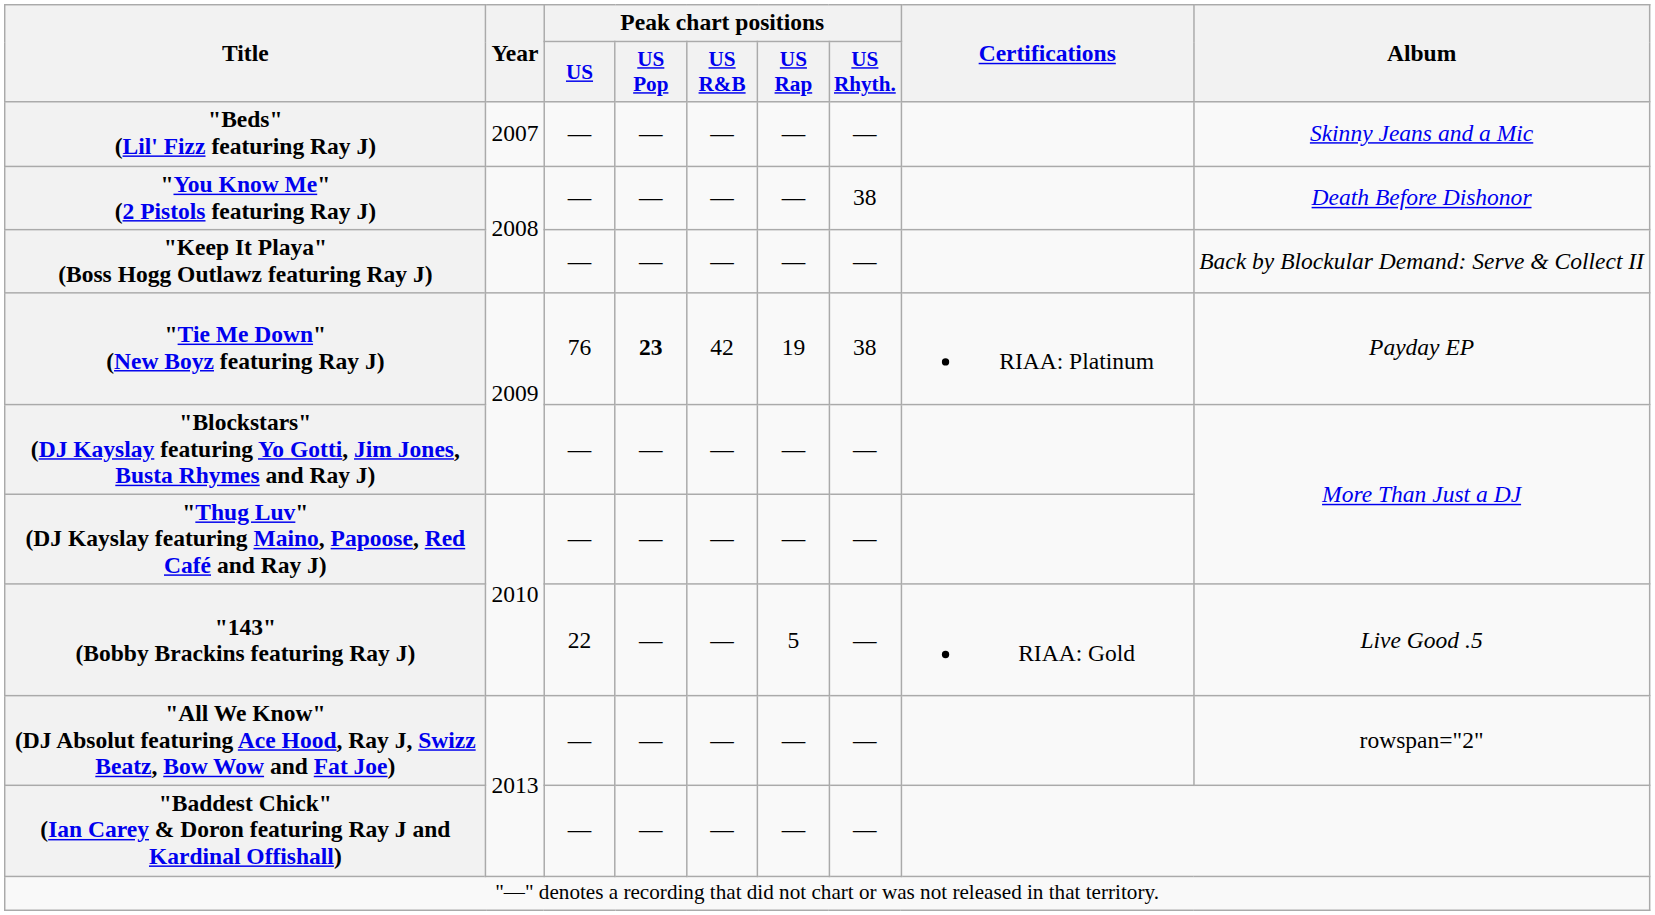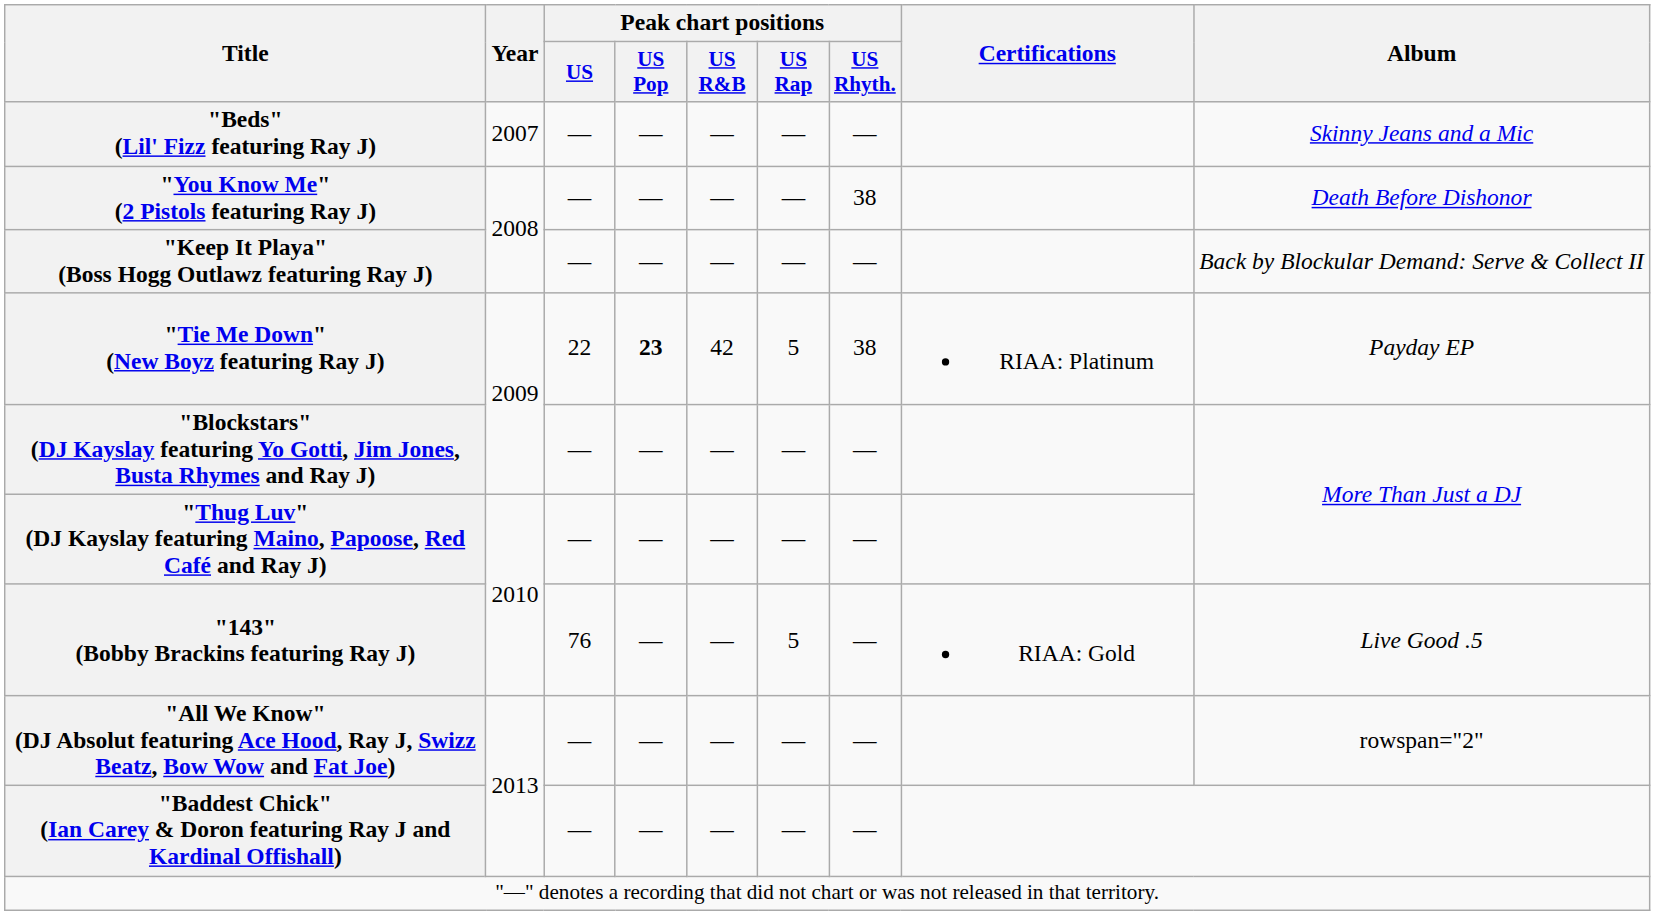 <table class="wikitable plainrowheaders" style="text-align:center;">
 <tr>
 <th scope="col" rowspan="2" style="width:20em;">Title</th>
 <th scope="col" rowspan="2">Year</th>
 <th scope="col" colspan="5">Peak chart positions</th>
 <th scope="col" rowspan="2" style="width:12em;"><a href='#'>Certifications</a></th>
 <th scope="col" rowspan="2">Album</th>
 </tr>
 <tr>
 <th scope="col" style="width:2.9em;font-size:90%;"><a href='#'>US</a><br></th>
 <th scope="col" style="width:2.9em;font-size:90%;"><a href='#'>US<br>Pop</a><br></th>
 <th scope="col" style="width:2.9em;font-size:90%;"><a href='#'>US<br>R&B</a><br></th>
 <th scope="col" style="width:2.9em;font-size:90%;"><a href='#'>US<br>Rap</a><br></th>
 <th scope="col" style="width:2.9em;font-size:90%;"><a href='#'>US<br>Rhyth.</a><br></th>
 </tr>
 <tr>
 <th scope="row">"Beds"<br><span>(<a href='#'>Lil' Fizz</a> featuring Ray J)</span></th>
 <td>2007</td>
 <td>—</td>
 <td>—</td>
 <td>—</td>
 <td>—</td>
 <td>—</td>
 <td></td>
 <td><em><a href='#'>Skinny Jeans and a Mic</a></em></td>
 </tr>
 <tr>
 <th scope="row">"<a href='#'>You Know Me</a>"<br><span>(<a href='#'>2 Pistols</a> featuring Ray J)</span></th>
 <td rowspan="2">2008</td>
 <td>—</td>
 <td>—</td>
 <td>—</td>
 <td>—</td>
 <td>38</td>
 <td></td>
 <td><em><a href='#'>Death Before Dishonor</a></em></td>
 </tr>
 <tr>
 <th scope="row">"Keep It Playa"<br><span>(Boss Hogg Outlawz featuring Ray J)</span></th>
 <td>—</td>
 <td>—</td>
 <td>—</td>
 <td>—</td>
 <td>—</td>
 <td></td>
 <td><em>Back by Blockular Demand: Serve & Collect II</em></td>
 </tr>
 <tr>
 <th scope="row">"<a href='#'>Tie Me Down</a>"<br><span>(<a href='#'>New Boyz</a> featuring Ray J)</span></th>
 <td rowspan="2">2009</td>
-<td>76</td>
+<td>22</td>
 <td><strong>23</strong></td>
 <td>42</td>
-<td>19</td>
+<td>5</td>
 <td>38</td>
 <td><br><ul><li>RIAA: Platinum</li></ul></td>
 <td><em>Payday EP</em></td>
 </tr>
 <tr>
 <th scope="row">"Blockstars"<br><span>(<a href='#'>DJ Kayslay</a> featuring <a href='#'>Yo Gotti</a>, <a href='#'>Jim Jones</a>, <a href='#'>Busta Rhymes</a> and Ray J)</span></th>
 <td>—</td>
 <td>—</td>
 <td>—</td>
 <td>—</td>
 <td>—</td>
 <td></td>
 <td rowspan="2"><em><a href='#'>More Than Just a DJ</a></em></td>
 </tr>
 <tr>
 <th scope="row">"<a href='#'>Thug Luv</a>"<br><span>(DJ Kayslay featuring <a href='#'>Maino</a>, <a href='#'>Papoose</a>, <a href='#'>Red Café</a> and Ray J)</span></th>
 <td rowspan="2">2010</td>
 <td>—</td>
 <td>—</td>
 <td>—</td>
 <td>—</td>
 <td>—</td>
 <td></td>
 </tr>
 <tr>
 <th scope="row">"143"<br><span>(Bobby Brackins featuring Ray J)</span></th>
-<td>22</td>
+<td>76</td>
 <td>—</td>
 <td>—</td>
 <td>5</td>
 <td>—</td>
 <td><br><ul><li>RIAA: Gold</li></ul></td>
 <td><em>Live Good .5</em></td>
 </tr>
 <tr>
 <th scope="row">"All We Know"<br><span>(DJ Absolut featuring <a href='#'>Ace Hood</a>, Ray J, <a href='#'>Swizz Beatz</a>, <a href='#'>Bow Wow</a> and <a href='#'>Fat Joe</a>)</span></th>
 <td rowspan="2">2013</td>
 <td>—</td>
 <td>—</td>
 <td>—</td>
 <td>—</td>
 <td>—</td>
 <td></td>
 <td>rowspan="2" </td>
 </tr>
 <tr>
 <th scope="row">"Baddest Chick"<br><span>(<a href='#'>Ian Carey</a> & Doron featuring Ray J and <a href='#'>Kardinal Offishall</a>)</span></th>
 <td>—</td>
 <td>—</td>
 <td>—</td>
 <td>—</td>
 <td>—</td>
 </tr>
 <tr>
 <td colspan="14" style="font-size:90%">"—" denotes a recording that did not chart or was not released in that territory.</td>
 </tr>
 </table>
